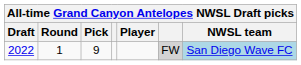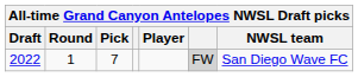 <table class="wikitable sortable" style="text-align: center;">
 <tr>
 <th colspan="7" style="background:#">All-time <a href='#'><span>Grand Canyon Antelopes</span></a> NWSL Draft picks</th>
 </tr>
 <tr>
 <th scope="col">Draft</th>
 <th scope="col">Round</th>
 <th scope="col">Pick</th>
 <th scope="col"></th>
 <th scope="col">Player</th>
 <th scope="col"></th>
 <th scope="col">NWSL team</th>
 </tr>
 <tr>
 <td><a href='#'>2022</a></td>
 <td>1</td>
-<td>9</td>
+<td>7</td>
 <td></td>
 <td></td>
 <td style="background: lightgrey;">FW</td>
-<td style="background: lightblue;"><a href='#'>San Diego Wave FC</a></td>
+<td><a href='#'>San Diego Wave FC</a></td>
 </tr>
 </table>
